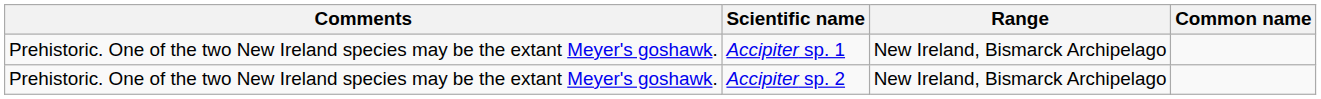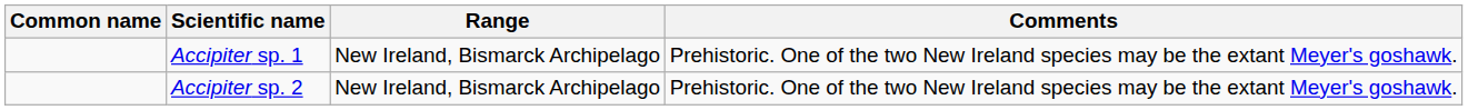 <table class="wikitable">
 <tr>
-<th class="unsortable">Comments</th>
+<th>Common name</th>
 <th>Scientific name</th>
 <th>Range</th>
-<th>Common name</th>
+<th class="unsortable">Comments</th>
 </tr>
 <tr>
-<td>Prehistoric. One of the two New Ireland species may be the extant <a href='#'>Meyer's goshawk</a>.</td>
+<td></td>
 <td><a href='#'><em>Accipiter</em> sp. 1</a></td>
 <td>New Ireland, Bismarck Archipelago</td>
-<td></td>
+<td>Prehistoric. One of the two New Ireland species may be the extant <a href='#'>Meyer's goshawk</a>.</td>
 </tr>
 <tr>
-<td>Prehistoric. One of the two New Ireland species may be the extant <a href='#'>Meyer's goshawk</a>.</td>
+<td></td>
 <td><a href='#'><em>Accipiter</em> sp. 2</a></td>
 <td>New Ireland, Bismarck Archipelago</td>
-<td></td>
+<td>Prehistoric. One of the two New Ireland species may be the extant <a href='#'>Meyer's goshawk</a>.</td>
 </tr>
 </table>
